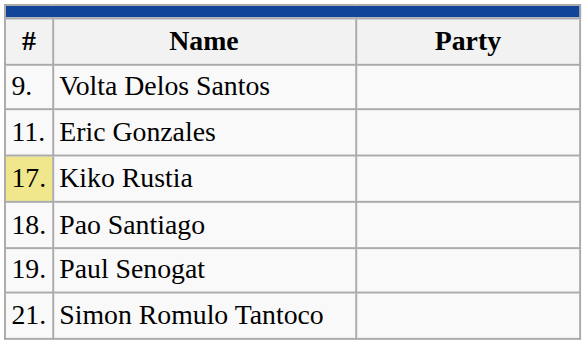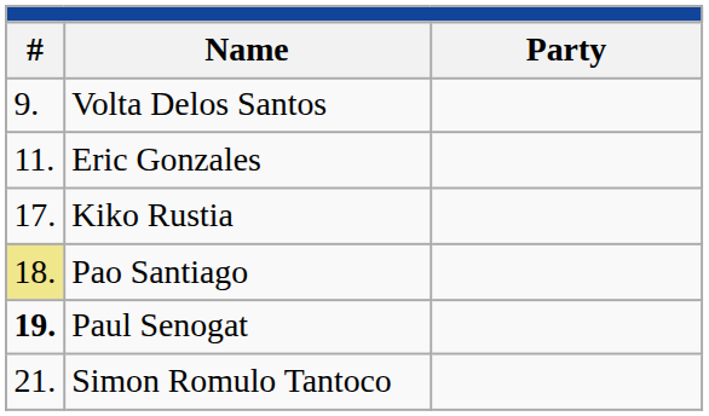 <table class=wikitable style="font-size:90%">
 <tr>
 <td colspan=4 bgcolor=#114599></td>
 </tr>
 <tr>
 <th>#</th>
 <th width=150px>Name</th>
 <th colspan=2 width=110px>Party</th>
 </tr>
 <tr>
 <td>9.</td>
 <td>Volta Delos Santos</td>
 <td></td>
 </tr>
 <tr>
 <td>11.</td>
 <td>Eric Gonzales</td>
 <td></td>
 </tr>
 <tr>
-<td style="background: khaki;">17.</td>
+<td>17.</td>
 <td>Kiko Rustia</td>
 <td></td>
 </tr>
 <tr>
-<td>18.</td>
+<td style="background: khaki;">18.</td>
 <td>Pao Santiago</td>
 <td></td>
 </tr>
 <tr>
-<td>19.</td>
+<td><strong>19.</strong></td>
 <td>Paul Senogat</td>
 <td></td>
 </tr>
 <tr>
 <td>21.</td>
 <td>Simon Romulo Tantoco</td>
 <td></td>
 </tr>
 </table>
